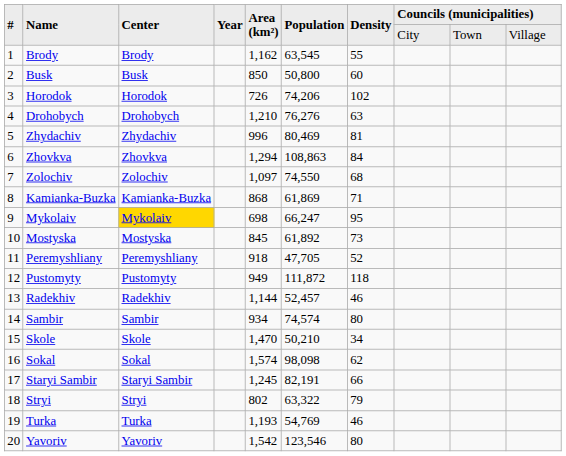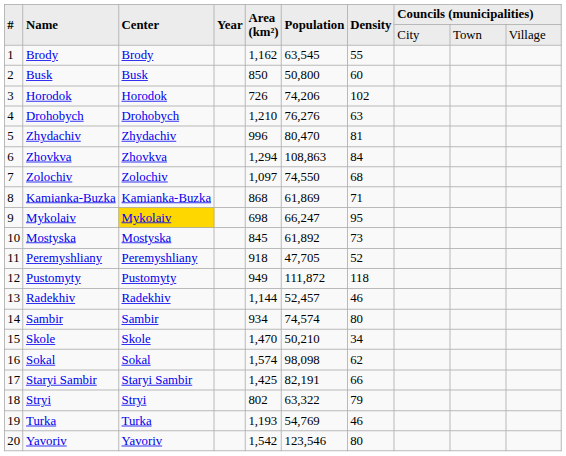 <table class="wikitable">
 <tr bgcolor="#ECECEC">
 <td rowspan=2><strong>#</strong></td>
 <td rowspan=2><strong>Name</strong></td>
 <td rowspan=2><strong>Center</strong></td>
 <td rowspan=2><strong>Year</strong></td>
 <td rowspan=2><strong>Area<br>(km²)</strong></td>
 <td rowspan=2><strong>Population</strong></td>
 <td rowspan=2><strong>Density</strong></td>
 <td colspan=3><strong>Councils (municipalities)</strong></td>
 </tr>
 <tr bgcolor="#ECECEC">
 <td width=10%>City</td>
 <td width=10%>Town</td>
 <td width=10%>Village</td>
 </tr>
 <tr>
 <td>1</td>
 <td><a href='#'>Brody</a></td>
 <td><a href='#'>Brody</a></td>
 <td></td>
 <td>1,162</td>
 <td>63,545</td>
 <td>55</td>
 <td></td>
 <td></td>
 <td></td>
 </tr>
 <tr>
 <td>2</td>
 <td><a href='#'>Busk</a></td>
 <td><a href='#'>Busk</a></td>
 <td></td>
 <td>850</td>
 <td>50,800</td>
 <td>60</td>
 <td></td>
 <td></td>
 <td></td>
 </tr>
 <tr>
 <td>3</td>
 <td><a href='#'>Horodok</a></td>
 <td><a href='#'>Horodok</a></td>
 <td></td>
 <td>726</td>
 <td>74,206</td>
 <td>102</td>
 <td></td>
 <td></td>
 <td></td>
 </tr>
 <tr>
 <td>4</td>
 <td><a href='#'>Drohobych</a></td>
 <td><a href='#'>Drohobych</a></td>
 <td></td>
 <td>1,210</td>
 <td>76,276</td>
 <td>63</td>
 <td></td>
 <td></td>
 <td></td>
 </tr>
 <tr>
 <td>5</td>
 <td><a href='#'>Zhydachiv</a></td>
 <td><a href='#'>Zhydachiv</a></td>
 <td></td>
 <td>996</td>
-<td>80,469</td>
+<td>80,470</td>
 <td>81</td>
 <td></td>
 <td></td>
 <td></td>
 </tr>
 <tr>
 <td>6</td>
 <td><a href='#'>Zhovkva</a></td>
 <td><a href='#'>Zhovkva</a></td>
 <td></td>
 <td>1,294</td>
 <td>108,863</td>
 <td>84</td>
 <td></td>
 <td></td>
 <td></td>
 </tr>
 <tr>
 <td>7</td>
 <td><a href='#'>Zolochiv</a></td>
 <td><a href='#'>Zolochiv</a></td>
 <td></td>
 <td>1,097</td>
 <td>74,550</td>
 <td>68</td>
 <td></td>
 <td></td>
 <td></td>
 </tr>
 <tr>
 <td>8</td>
 <td><a href='#'>Kamianka-Buzka</a></td>
 <td><a href='#'>Kamianka-Buzka</a></td>
 <td></td>
 <td>868</td>
 <td>61,869</td>
 <td>71</td>
 <td></td>
 <td></td>
 <td></td>
 </tr>
 <tr>
 <td>9</td>
 <td><a href='#'>Mykolaiv</a></td>
 <td style="background: gold;"><a href='#'>Mykolaiv</a></td>
 <td></td>
 <td>698</td>
 <td>66,247</td>
 <td>95</td>
 <td></td>
 <td></td>
 <td></td>
 </tr>
 <tr>
 <td>10</td>
 <td><a href='#'>Mostyska</a></td>
 <td><a href='#'>Mostyska</a></td>
 <td></td>
 <td>845</td>
 <td>61,892</td>
 <td>73</td>
 <td></td>
 <td></td>
 <td></td>
 </tr>
 <tr>
 <td>11</td>
 <td><a href='#'>Peremyshliany</a></td>
 <td><a href='#'>Peremyshliany</a></td>
 <td></td>
 <td>918</td>
 <td>47,705</td>
 <td>52</td>
 <td></td>
 <td></td>
 <td></td>
 </tr>
 <tr>
 <td>12</td>
 <td><a href='#'>Pustomyty</a></td>
 <td><a href='#'>Pustomyty</a></td>
 <td></td>
 <td>949</td>
 <td>111,872</td>
 <td>118</td>
 <td></td>
 <td></td>
 <td></td>
 </tr>
 <tr>
 <td>13</td>
 <td><a href='#'>Radekhiv</a></td>
 <td><a href='#'>Radekhiv</a></td>
 <td></td>
 <td>1,144</td>
 <td>52,457</td>
 <td>46</td>
 <td></td>
 <td></td>
 <td></td>
 </tr>
 <tr>
 <td>14</td>
 <td><a href='#'>Sambir</a></td>
 <td><a href='#'>Sambir</a></td>
 <td></td>
 <td>934</td>
 <td>74,574</td>
 <td>80</td>
 <td></td>
 <td></td>
 <td></td>
 </tr>
 <tr>
 <td>15</td>
 <td><a href='#'>Skole</a></td>
 <td><a href='#'>Skole</a></td>
 <td></td>
 <td>1,470</td>
 <td>50,210</td>
 <td>34</td>
 <td></td>
 <td></td>
 <td></td>
 </tr>
 <tr>
 <td>16</td>
 <td><a href='#'>Sokal</a></td>
 <td><a href='#'>Sokal</a></td>
 <td></td>
 <td>1,574</td>
 <td>98,098</td>
 <td>62</td>
 <td></td>
 <td></td>
 <td></td>
 </tr>
 <tr>
 <td>17</td>
 <td><a href='#'>Staryi Sambir</a></td>
 <td><a href='#'>Staryi Sambir</a></td>
 <td></td>
-<td>1,245</td>
+<td>1,425</td>
 <td>82,191</td>
 <td>66</td>
 <td></td>
 <td></td>
 <td></td>
 </tr>
 <tr>
 <td>18</td>
 <td><a href='#'>Stryi</a></td>
 <td><a href='#'>Stryi</a></td>
 <td></td>
 <td>802</td>
 <td>63,322</td>
 <td>79</td>
 <td></td>
 <td></td>
 <td></td>
 </tr>
 <tr>
 <td>19</td>
 <td><a href='#'>Turka</a></td>
 <td><a href='#'>Turka</a></td>
 <td></td>
 <td>1,193</td>
 <td>54,769</td>
 <td>46</td>
 <td></td>
 <td></td>
 <td></td>
 </tr>
 <tr>
 <td>20</td>
 <td><a href='#'>Yavoriv</a></td>
 <td><a href='#'>Yavoriv</a></td>
 <td></td>
 <td>1,542</td>
 <td>123,546</td>
 <td>80</td>
 <td></td>
 <td></td>
 <td></td>
 </tr>
 </table>
